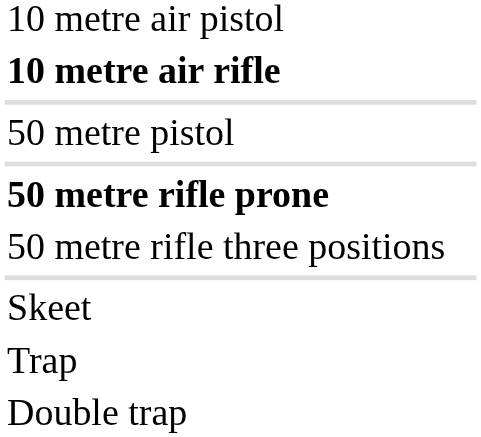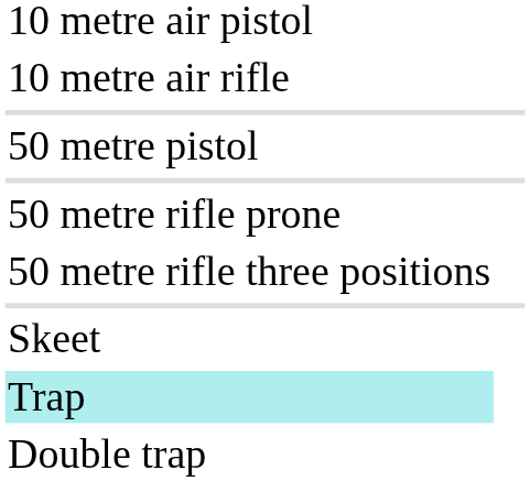 <table>
 <tr>
 <td>10 metre air pistol<br></td>
 <td></td>
 <td></td>
 <td></td>
 </tr>
 <tr>
-<td><strong>10 metre air rifle<br></strong></td>
+<td>10 metre air rifle<br></td>
 <td></td>
 <td></td>
 <td></td>
 </tr>
 <tr bgcolor=#DDDDDD>
 <td colspan=7></td>
 </tr>
 <tr>
 <td>50 metre pistol<br></td>
 <td></td>
 <td></td>
 <td></td>
 </tr>
 <tr bgcolor=#DDDDDD>
 <td colspan=7></td>
 </tr>
 <tr>
-<td><strong>50 metre rifle prone<br></strong></td>
+<td>50 metre rifle prone<br></td>
 <td></td>
 <td></td>
 <td></td>
 </tr>
 <tr>
 <td>50 metre rifle three positions<br></td>
 <td></td>
 <td></td>
 <td></td>
 </tr>
 <tr bgcolor=#DDDDDD>
 <td colspan=7></td>
 </tr>
 <tr>
 <td>Skeet<br></td>
 <td></td>
 <td></td>
 <td></td>
 </tr>
 <tr>
-<td>Trap<br></td>
+<td style="background: paleturquoise;">Trap<br></td>
 <td></td>
 <td></td>
 <td></td>
 </tr>
 <tr>
 <td>Double trap<br></td>
 <td></td>
 <td></td>
 <td></td>
 </tr>
 </table>
